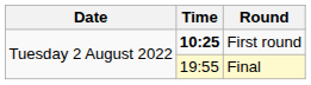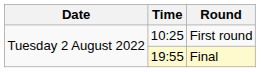 <table class="wikitable">
 <tr>
 <th>Date</th>
 <th>Time</th>
 <th>Round</th>
 </tr>
 <tr>
 <td rowspan=2>Tuesday 2 August 2022</td>
-<td><strong>10:25</strong></td>
+<td>10:25</td>
 <td>First round</td>
 </tr>
 <tr>
 <td style=background:lemonchiffon>19:55</td>
 <td style=background:lemonchiffon>Final</td>
 </tr>
 </table>
